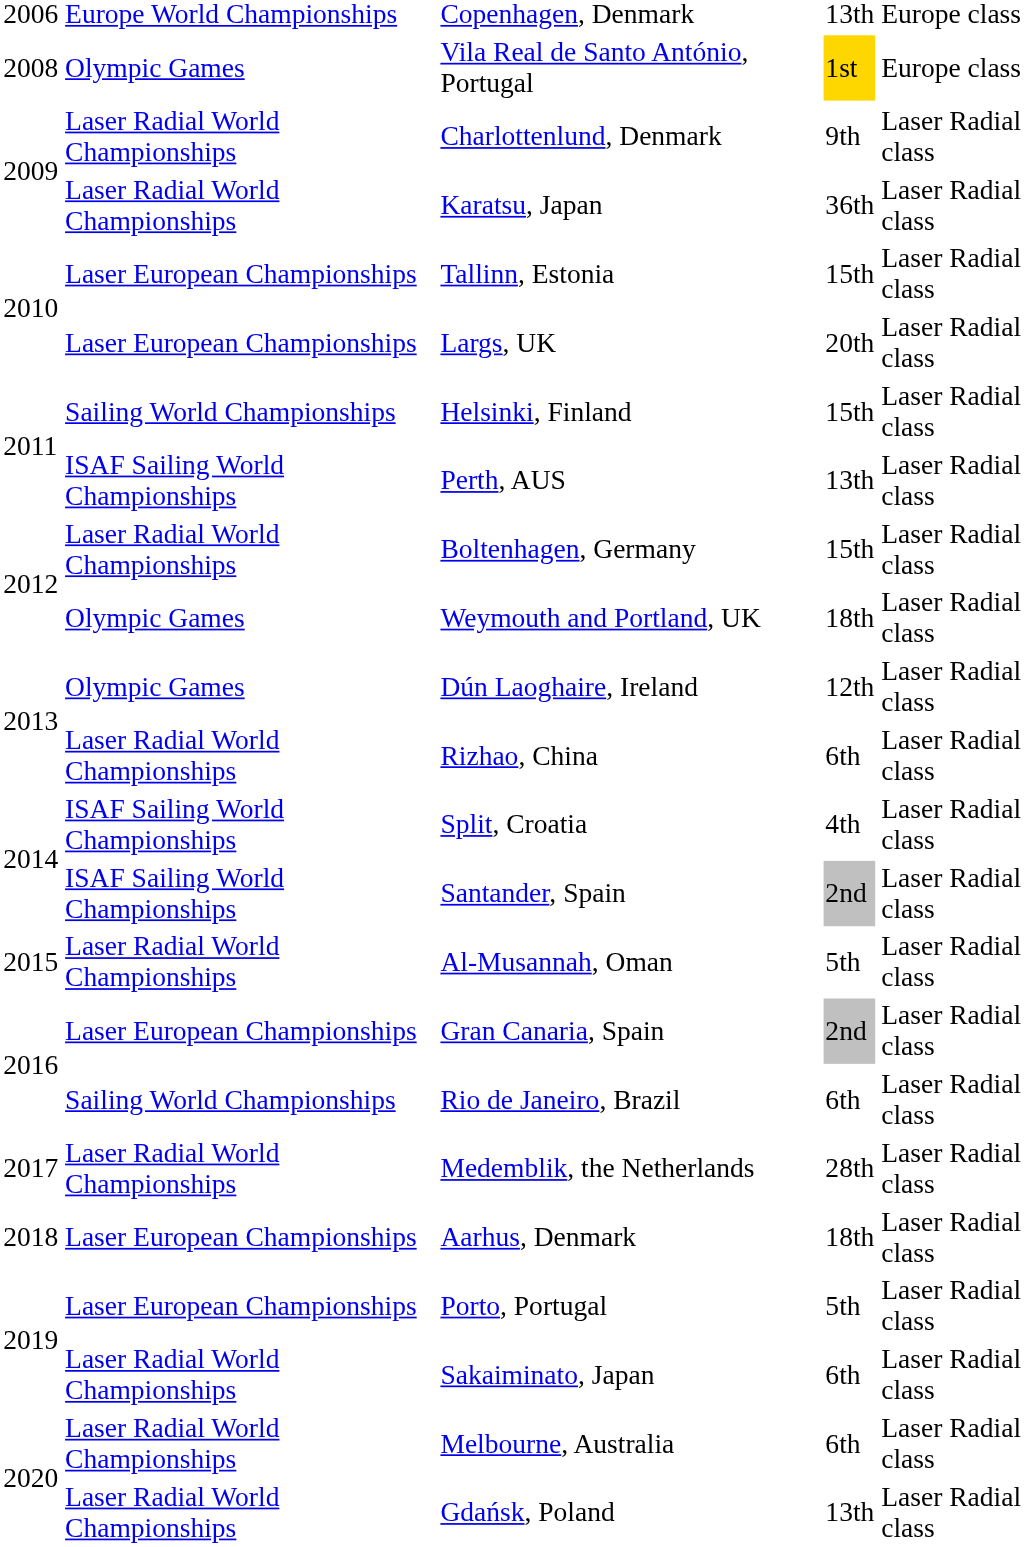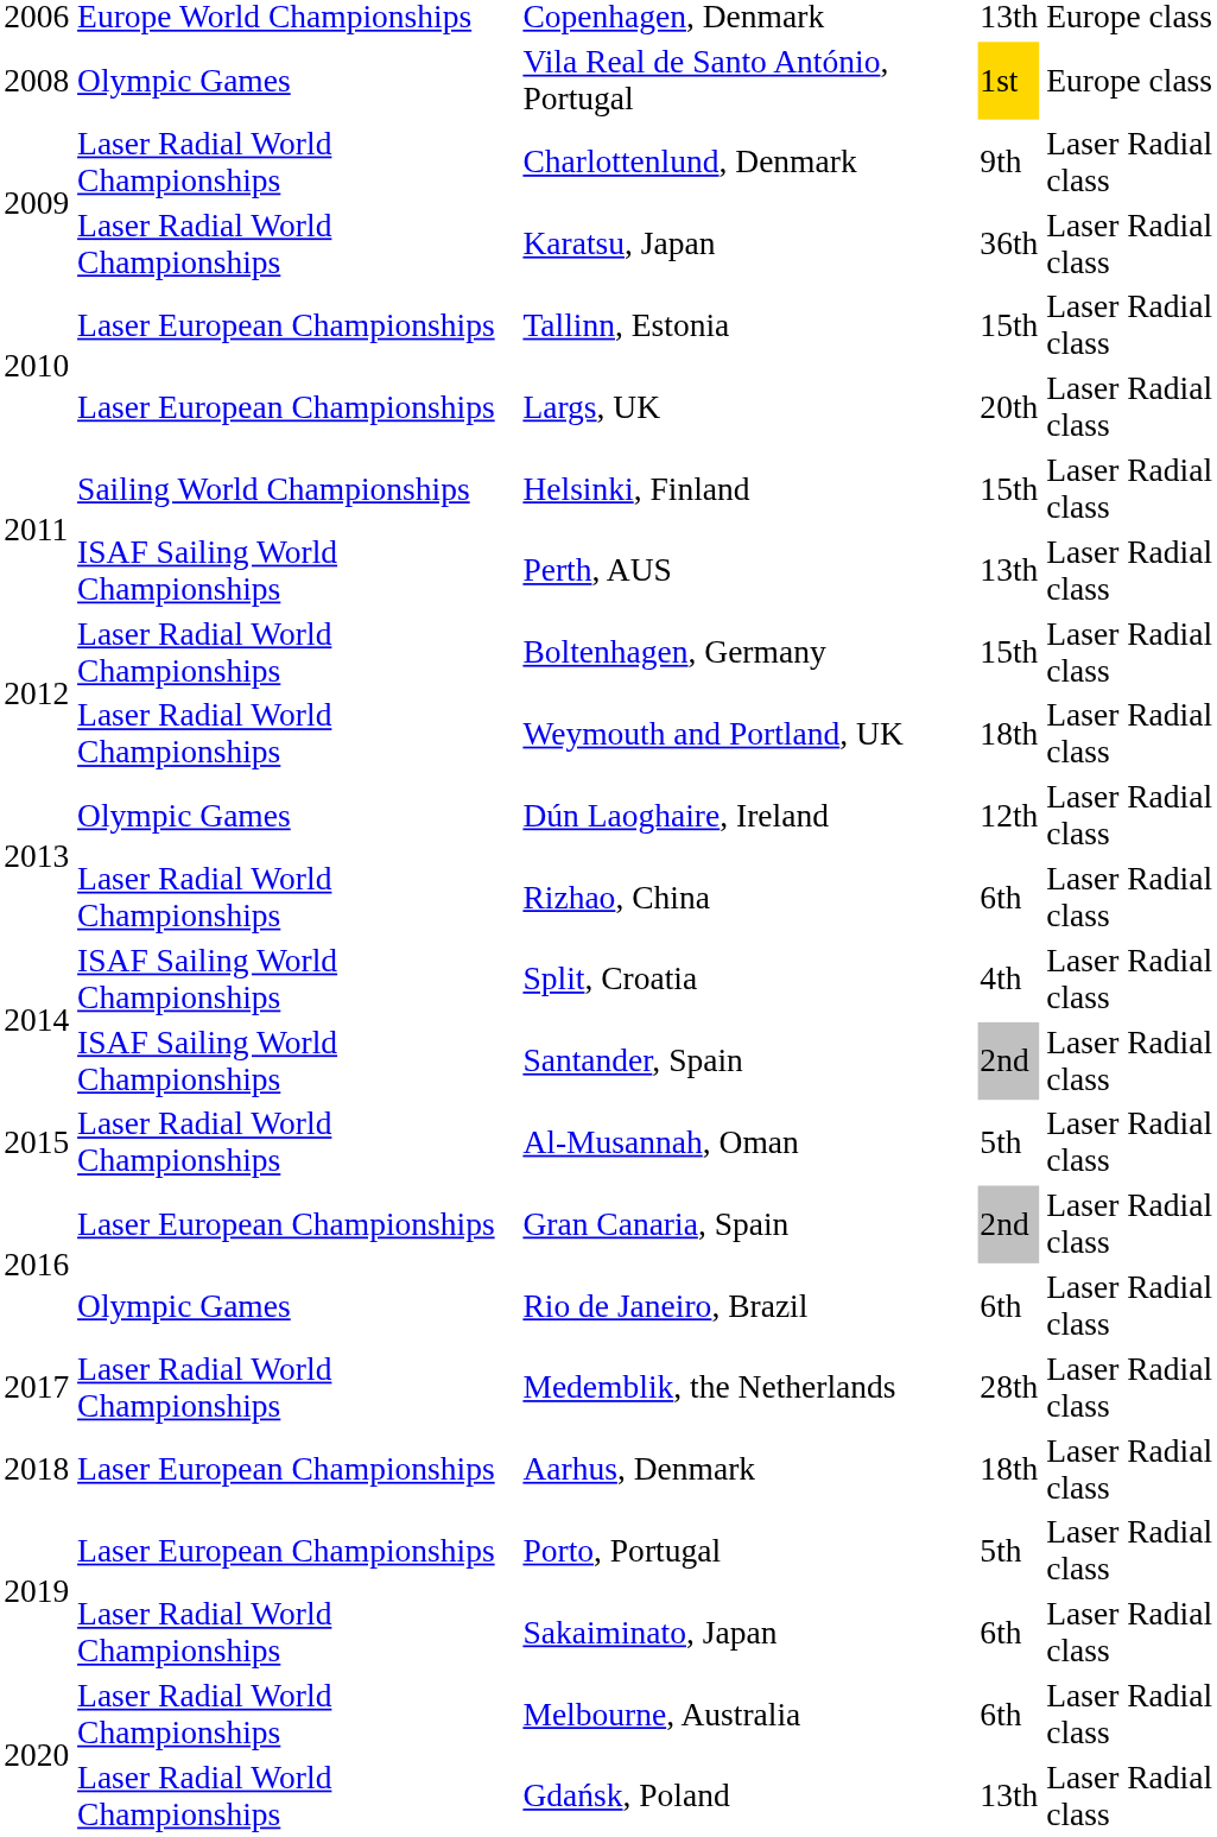 <table>
 <tr>
 <td>2006</td>
 <td><a href='#'>Europe World Championships</a></td>
 <td><a href='#'>Copenhagen</a>, Denmark</td>
 <td>13th</td>
 <td>Europe class</td>
 </tr>
 <tr>
 <td>2008</td>
 <td><a href='#'>Olympic Games</a></td>
 <td><a href='#'>Vila Real de Santo António</a>, Portugal</td>
 <td style="background:gold;">1st</td>
 <td>Europe class</td>
 </tr>
 <tr>
 <td rowspan=2>2009</td>
 <td><a href='#'>Laser Radial World Championships</a></td>
 <td><a href='#'>Charlottenlund</a>, Denmark</td>
 <td>9th</td>
 <td>Laser Radial class</td>
 </tr>
 <tr>
 <td><a href='#'>Laser Radial World Championships</a></td>
 <td><a href='#'>Karatsu</a>, Japan</td>
 <td>36th</td>
 <td>Laser Radial class</td>
 </tr>
 <tr>
 <td rowspan=2>2010</td>
 <td><a href='#'>Laser European Championships</a></td>
 <td><a href='#'>Tallinn</a>, Estonia</td>
 <td>15th</td>
 <td>Laser Radial class</td>
 </tr>
 <tr>
 <td><a href='#'>Laser European Championships</a></td>
 <td><a href='#'>Largs</a>, UK</td>
 <td>20th</td>
 <td>Laser Radial class</td>
 </tr>
 <tr>
 <td rowspan=2>2011</td>
 <td><a href='#'>Sailing World Championships</a></td>
 <td><a href='#'>Helsinki</a>, Finland</td>
 <td>15th</td>
 <td>Laser Radial class</td>
 </tr>
 <tr>
 <td><a href='#'>ISAF Sailing World Championships</a></td>
 <td><a href='#'>Perth</a>, AUS</td>
 <td>13th</td>
 <td>Laser Radial class</td>
 </tr>
 <tr>
 <td rowspan=2>2012</td>
 <td><a href='#'>Laser Radial World Championships</a></td>
 <td><a href='#'>Boltenhagen</a>, Germany</td>
 <td>15th</td>
 <td>Laser Radial class</td>
 </tr>
 <tr>
-<td><a href='#'>Olympic Games</a></td>
+<td><a href='#'>Laser Radial World Championships</a></td>
 <td><a href='#'>Weymouth and Portland</a>, UK</td>
 <td>18th</td>
 <td>Laser Radial class</td>
 </tr>
 <tr>
 <td rowspan=2>2013</td>
 <td><a href='#'>Olympic Games</a></td>
 <td><a href='#'>Dún Laoghaire</a>, Ireland</td>
 <td>12th</td>
 <td>Laser Radial class</td>
 </tr>
 <tr>
 <td><a href='#'>Laser Radial World Championships</a></td>
 <td><a href='#'>Rizhao</a>, China</td>
 <td>6th</td>
 <td>Laser Radial class</td>
 </tr>
 <tr>
 <td rowspan=2>2014</td>
 <td><a href='#'>ISAF Sailing World Championships</a></td>
 <td><a href='#'>Split</a>, Croatia</td>
 <td>4th</td>
 <td>Laser Radial class</td>
 </tr>
 <tr>
 <td><a href='#'>ISAF Sailing World Championships</a></td>
 <td><a href='#'>Santander</a>, Spain</td>
 <td style="background:silver;">2nd</td>
 <td>Laser Radial class</td>
 </tr>
 <tr>
 <td>2015</td>
 <td><a href='#'>Laser Radial World Championships</a></td>
 <td><a href='#'>Al-Musannah</a>, Oman</td>
 <td>5th</td>
 <td>Laser Radial class</td>
 </tr>
 <tr>
 <td rowspan=2>2016</td>
 <td><a href='#'>Laser European Championships</a></td>
 <td><a href='#'>Gran Canaria</a>, Spain</td>
 <td style="background:silver;">2nd</td>
 <td>Laser Radial class</td>
 </tr>
 <tr>
-<td><a href='#'>Sailing World Championships</a></td>
+<td><a href='#'>Olympic Games</a></td>
 <td><a href='#'>Rio de Janeiro</a>, Brazil</td>
 <td>6th</td>
 <td>Laser Radial class</td>
 </tr>
 <tr>
 <td>2017</td>
 <td><a href='#'>Laser Radial World Championships</a></td>
 <td><a href='#'>Medemblik</a>, the Netherlands</td>
 <td>28th</td>
 <td>Laser Radial class</td>
 </tr>
 <tr>
 <td>2018</td>
 <td><a href='#'>Laser European Championships</a></td>
 <td><a href='#'>Aarhus</a>, Denmark</td>
 <td>18th</td>
 <td>Laser Radial class</td>
 </tr>
 <tr>
 <td rowspan=2>2019</td>
 <td><a href='#'>Laser European Championships</a></td>
 <td><a href='#'>Porto</a>, Portugal</td>
 <td>5th</td>
 <td>Laser Radial class</td>
 </tr>
 <tr>
 <td><a href='#'>Laser Radial World Championships</a></td>
 <td><a href='#'>Sakaiminato</a>, Japan</td>
 <td>6th</td>
 <td>Laser Radial class</td>
 </tr>
 <tr>
 <td rowspan=2>2020</td>
 <td><a href='#'>Laser Radial World Championships</a></td>
 <td><a href='#'>Melbourne</a>, Australia</td>
 <td>6th</td>
 <td>Laser Radial class</td>
 </tr>
 <tr>
 <td><a href='#'>Laser Radial World Championships</a></td>
 <td><a href='#'>Gdańsk</a>, Poland</td>
 <td>13th</td>
 <td>Laser Radial class</td>
 </tr>
 </table>
